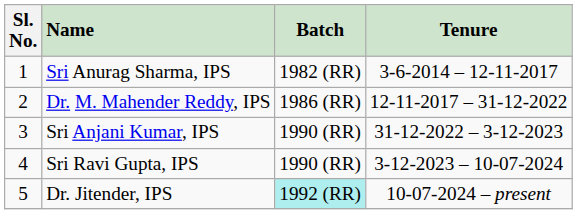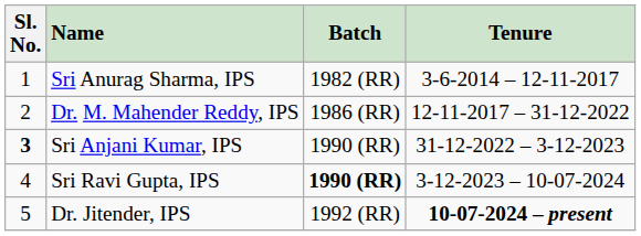 <table class="wikitable">
 <tr>
 <th bgcolor="#cfe4cd" align="center"><span> <strong> Sl.<br>No.</strong></span></th>
 <td bgcolor="#cfe4cd"><span> <strong> Name</strong></span></td>
 <td bgcolor="#cfe4cd" align="center"><span> <strong> Batch</strong></span></td>
 <td bgcolor="#cfe4cd" align="center"><span> <strong> Tenure</strong></span></td>
 </tr>
 <tr>
 <td align="center">1</td>
 <td><a href='#'>Sri</a> Anurag Sharma, IPS</td>
 <td align="center">1982 (RR)</td>
 <td align="center">3-6-2014 – 12-11-2017</td>
 </tr>
 <tr>
 <td align="center">2</td>
 <td><a href='#'>Dr.</a> <a href='#'>M. Mahender Reddy</a>, IPS</td>
 <td align="center">1986 (RR)</td>
 <td align="center">12-11-2017 – 31-12-2022</td>
 </tr>
 <tr>
-<td align="center">3</td>
+<td align="center"><strong>3</strong></td>
 <td>Sri <a href='#'>Anjani Kumar</a>, IPS</td>
 <td align="center">1990 (RR)</td>
 <td align="center">31-12-2022 – 3-12-2023</td>
 </tr>
 <tr>
 <td align="center">4</td>
 <td>Sri Ravi Gupta, IPS</td>
-<td align="center">1990 (RR)</td>
+<td align="center"><strong>1990 (RR)</strong></td>
 <td align="center">3-12-2023 – 10-07-2024</td>
 </tr>
 <tr>
 <td align="center">5</td>
 <td>Dr. Jitender, IPS</td>
-<td align="center" style="background: paleturquoise;">1992 (RR)</td>
-<td align="center">10-07-2024 – <em>present</em></td>
+<td align="center">1992 (RR)</td>
+<td align="center"><strong>10-07-2024 – <em>present</em></strong></td>
 </tr>
 <tr>
 </tr>
 </table>
